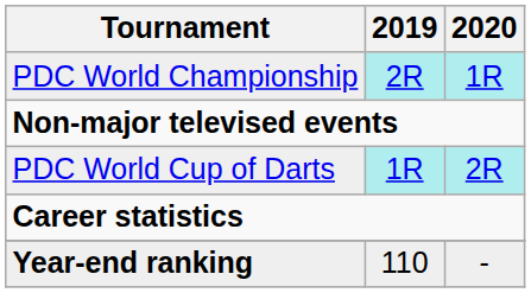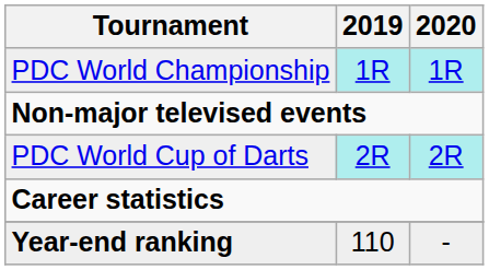 <table class="wikitable">
 <tr>
 <th>Tournament</th>
 <th>2019</th>
 <th>2020</th>
 </tr>
 <tr>
 <td style="background:#efefef;"><a href='#'>PDC World Championship</a></td>
-<td style="text-align:center; background:#afeeee;"><a href='#'>2R</a></td>
+<td style="text-align:center; background:#afeeee;"><a href='#'>1R</a></td>
 <td style="text-align:center; background:#afeeee;"><a href='#'>1R</a></td>
 </tr>
 <tr>
 <td colspan="21" align="left"><strong>Non-major televised events</strong></td>
 </tr>
 <tr>
 <td style="background:#efefef;"><a href='#'>PDC World Cup of Darts</a></td>
-<td style="text-align:center; background:#afeeee;"><a href='#'>1R</a></td>
+<td style="text-align:center; background:#afeeee;"><a href='#'>2R</a></td>
 <td style="text-align:center; background:#afeeee;"><a href='#'>2R</a></td>
 </tr>
 <tr>
 <td colspan="5" align="left"><strong>Career statistics</strong></td>
 </tr>
 <tr>
 </tr>
 <tr bgcolor="efefef">
 <td align="left"><strong>Year-end ranking</strong></td>
 <td style="text-align:center;">110</td>
 <td style="text-align:center;">-</td>
 </tr>
 </table>
